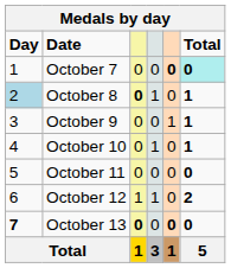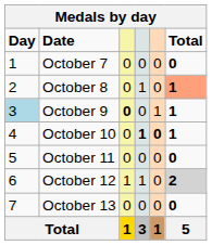 <table class=wikitable style="font-size:95%;">
 <tr>
 <th colspan=7><strong>Medals by day</strong></th>
 </tr>
 <tr>
 <td><strong>Day</strong></td>
 <td><strong>Date</strong></td>
 <td bgcolor=F7F6A8></td>
 <td bgcolor=DCE5E5></td>
 <td bgcolor=FFDAB9></td>
 <td><strong>Total</strong></td>
 </tr>
 <tr>
 <td>1</td>
 <td>October 7</td>
 <td bgcolor=F7F6A8>0</td>
 <td bgcolor=DCE5E5>0</td>
-<td bgcolor=FFDAB9><strong>0</strong></td>
-<td style="background: paleturquoise;"><strong>0</strong></td>
+<td bgcolor=FFDAB9>0</td>
+<td><strong>0</strong></td>
 </tr>
 <tr>
-<td style="background: lightblue;">2</td>
+<td>2</td>
 <td>October 8</td>
-<td bgcolor=F7F6A8><strong>0</strong></td>
+<td bgcolor=F7F6A8>0</td>
 <td bgcolor=DCE5E5>1</td>
 <td bgcolor=FFDAB9>0</td>
-<td><strong>1</strong></td>
+<td style="background: lightsalmon;"><strong>1</strong></td>
 </tr>
 <tr>
-<td>3</td>
+<td style="background: lightblue;">3</td>
 <td>October 9</td>
-<td bgcolor=F7F6A8>0</td>
+<td bgcolor=F7F6A8><strong>0</strong></td>
 <td bgcolor=DCE5E5>0</td>
 <td bgcolor=FFDAB9>1</td>
 <td><strong>1</strong></td>
 </tr>
 <tr>
 <td>4</td>
 <td>October 10</td>
 <td bgcolor=F7F6A8>0</td>
-<td bgcolor=DCE5E5>1</td>
-<td bgcolor=FFDAB9>0</td>
+<td bgcolor=DCE5E5><strong>1</strong></td>
+<td bgcolor=FFDAB9><strong>0</strong></td>
 <td><strong>1</strong></td>
 </tr>
 <tr>
 <td>5</td>
 <td>October 11</td>
 <td bgcolor=F7F6A8>0</td>
 <td bgcolor=DCE5E5>0</td>
 <td bgcolor=FFDAB9>0</td>
 <td><strong>0</strong></td>
 </tr>
 <tr>
 <td>6</td>
 <td>October 12</td>
 <td bgcolor=F7F6A8>1</td>
 <td bgcolor=DCE5E5>1</td>
 <td bgcolor=FFDAB9>0</td>
-<td><strong>2</strong></td>
+<td style="background: lightgrey;"><strong>2</strong></td>
 </tr>
 <tr>
-<td><strong>7</strong></td>
+<td>7</td>
 <td>October 13</td>
-<td bgcolor=F7F6A8><strong>0</strong></td>
+<td bgcolor=F7F6A8>0</td>
 <td bgcolor=DCE5E5>0</td>
-<td bgcolor=FFDAB9><strong>0</strong></td>
+<td bgcolor=FFDAB9>0</td>
 <td><strong>0</strong></td>
 </tr>
 <tr>
 <th colspan=2>Total</th>
 <th style="background:gold;">1</th>
 <th style="background:silver;">3</th>
 <th style="background:#c96;">1</th>
 <th>5</th>
 </tr>
 </table>
